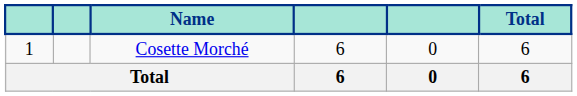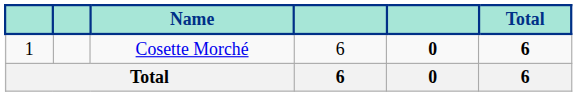 <table class="wikitable sortable" style="text-align:center;">
 <tr>
 <th style="background:#A7E6D7; color:#003087; border:2px solid #003087; width:35px;" scope="col"></th>
 <th style="background:#A7E6D7; color:#003087; border:2px solid #003087; width:25px;" scope="col"></th>
 <th style="background:#A7E6D7; color:#003087; border:2px solid #003087; width:175px;" scope="col">Name</th>
 <th style="background:#A7E6D7; color:#003087; border:2px solid #003087; width:75px;" scope="col"></th>
 <th style="background:#A7E6D7; color:#003087; border:2px solid #003087; width:75px;" scope="col"></th>
 <th style="background:#A7E6D7; color:#003087; border:2px solid #003087; width:75px;" scope="col">Total</th>
 </tr>
 <tr>
 <td>1</td>
 <td></td>
 <td><a href='#'>Cosette Morché</a></td>
 <td>6</td>
-<td>0</td>
-<td>6</td>
+<td><strong>0</strong></td>
+<td><strong>6</strong></td>
 </tr>
 <tr>
 <th colspan="3">Total</th>
 <th>6</th>
 <th>0</th>
 <th>6</th>
 </tr>
 </table>
